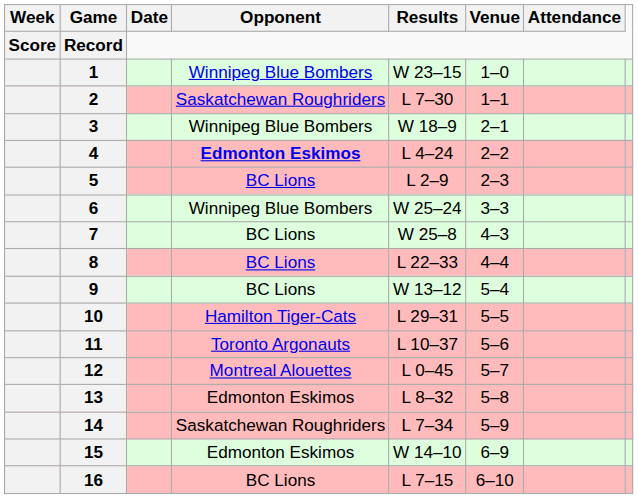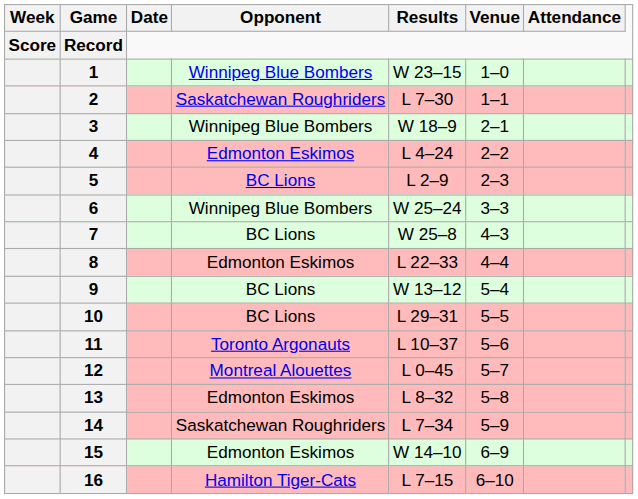 <table class="wikitable" style="text-align:center">
 <tr>
 <th>Week</th>
 <th>Game</th>
 <th>Date</th>
 <th>Opponent</th>
 <th>Results</th>
 <th>Venue</th>
 <th>Attendance</th>
 </tr>
 <tr>
 <th>Score</th>
 <th>Record</th>
 </tr>
 <tr style="background:#ddffdd">
 <th></th>
 <th>1</th>
 <td></td>
 <td><a href='#'>Winnipeg Blue Bombers</a></td>
 <td>W 23–15</td>
 <td>1–0</td>
 <td></td>
 <td></td>
 </tr>
 <tr style="background:#ffbbbb">
 <th></th>
 <th>2</th>
 <td></td>
 <td><a href='#'>Saskatchewan Roughriders</a></td>
 <td>L 7–30</td>
 <td>1–1</td>
 <td></td>
 <td></td>
 </tr>
 <tr style="background:#ddffdd">
 <th></th>
 <th>3</th>
 <td></td>
 <td>Winnipeg Blue Bombers</td>
 <td>W 18–9</td>
 <td>2–1</td>
 <td></td>
 <td></td>
 </tr>
 <tr style="background:#ffbbbb">
 <th></th>
 <th>4</th>
 <td></td>
-<td><strong><a href='#'>Edmonton Eskimos</a></strong></td>
+<td><a href='#'>Edmonton Eskimos</a></td>
 <td>L 4–24</td>
 <td>2–2</td>
 <td></td>
 <td></td>
 </tr>
 <tr style="background:#ffbbbb">
 <th></th>
 <th>5</th>
 <td></td>
 <td><a href='#'>BC Lions</a></td>
 <td>L 2–9</td>
 <td>2–3</td>
 <td></td>
 <td></td>
 </tr>
 <tr style="background:#ddffdd">
 <th></th>
 <th>6</th>
 <td></td>
 <td>Winnipeg Blue Bombers</td>
 <td>W 25–24</td>
 <td>3–3</td>
 <td></td>
 <td></td>
 </tr>
 <tr style="background:#ddffdd">
 <th></th>
 <th>7</th>
 <td></td>
 <td>BC Lions</td>
 <td>W 25–8</td>
 <td>4–3</td>
 <td></td>
 <td></td>
 </tr>
 <tr style="background:#ffbbbb">
 <th></th>
 <th>8</th>
 <td></td>
-<td><a href='#'>BC Lions</a></td>
+<td>Edmonton Eskimos</td>
 <td>L 22–33</td>
 <td>4–4</td>
 <td></td>
 <td></td>
 </tr>
 <tr style="background:#ddffdd">
 <th></th>
 <th>9</th>
 <td></td>
 <td>BC Lions</td>
 <td>W 13–12</td>
 <td>5–4</td>
 <td></td>
 <td></td>
 </tr>
 <tr style="background:#ffbbbb">
 <th></th>
 <th>10</th>
 <td></td>
-<td><a href='#'>Hamilton Tiger-Cats</a></td>
+<td>BC Lions</td>
 <td>L 29–31</td>
 <td>5–5</td>
 <td></td>
 <td></td>
 </tr>
 <tr style="background:#ffbbbb">
 <th></th>
 <th>11</th>
 <td></td>
 <td><a href='#'>Toronto Argonauts</a></td>
 <td>L 10–37</td>
 <td>5–6</td>
 <td></td>
 <td></td>
 </tr>
 <tr style="background:#ffbbbb">
 <th></th>
 <th>12</th>
 <td></td>
 <td><a href='#'>Montreal Alouettes</a></td>
 <td>L 0–45</td>
 <td>5–7</td>
 <td></td>
 <td></td>
 </tr>
 <tr style="background:#ffbbbb">
 <th></th>
 <th>13</th>
 <td></td>
 <td>Edmonton Eskimos</td>
 <td>L 8–32</td>
 <td>5–8</td>
 <td></td>
 <td></td>
 </tr>
 <tr style="background:#ffbbbb">
 <th></th>
 <th>14</th>
 <td></td>
 <td>Saskatchewan Roughriders</td>
 <td>L 7–34</td>
 <td>5–9</td>
 <td></td>
 <td></td>
 </tr>
 <tr style="background:#ddffdd">
 <th></th>
 <th>15</th>
 <td></td>
 <td>Edmonton Eskimos</td>
 <td>W 14–10</td>
 <td>6–9</td>
 <td></td>
 <td></td>
 </tr>
 <tr style="background:#ffbbbb">
 <th></th>
 <th>16</th>
 <td></td>
-<td>BC Lions</td>
+<td><a href='#'>Hamilton Tiger-Cats</a></td>
 <td>L 7–15</td>
 <td>6–10</td>
 <td></td>
 <td></td>
 </tr>
 </table>
